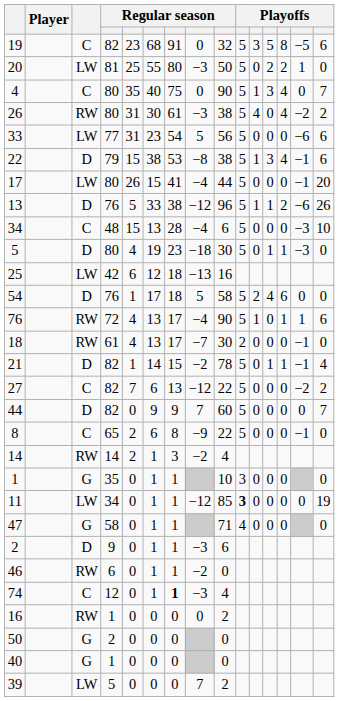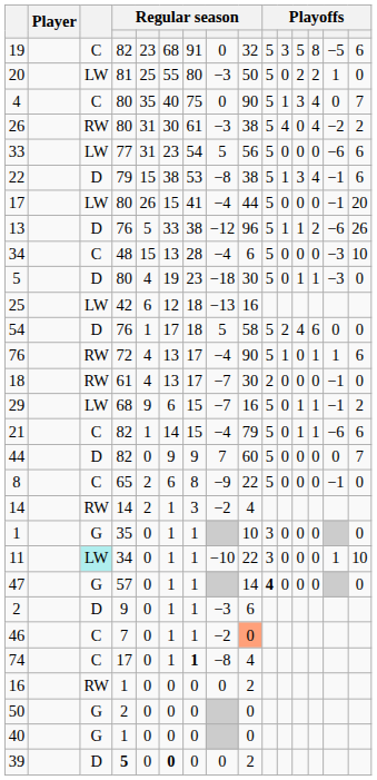 <table class="wikitable sortable plainrowheaders" style="text-align:center;">
 <tr>
 <th scope="col" data-sort-type="number" rowspan="2"></th>
 <th scope="col" rowspan="2">Player</th>
 <th scope="col" rowspan="2"></th>
 <th scope=colgroup colspan=6>Regular season</th>
 <th scope=colgroup colspan=6>Playoffs</th>
 </tr>
 <tr>
 <th scope="col" data-sort-type="number"></th>
 <th scope="col" data-sort-type="number"></th>
 <th scope="col" data-sort-type="number"></th>
 <th scope="col" data-sort-type="number"></th>
 <th scope="col" data-sort-type="number"></th>
 <th scope="col" data-sort-type="number"></th>
 <th scope="col" data-sort-type="number"></th>
 <th scope="col" data-sort-type="number"></th>
 <th scope="col" data-sort-type="number"></th>
 <th scope="col" data-sort-type="number"></th>
 <th scope="col" data-sort-type="number"></th>
 <th scope="col" data-sort-type="number"></th>
 </tr>
 <tr>
 <td scope="row">19</td>
 <td align="left"></td>
 <td>C</td>
 <td>82</td>
 <td>23</td>
 <td>68</td>
 <td>91</td>
 <td>0</td>
 <td>32</td>
 <td>5</td>
 <td>3</td>
 <td>5</td>
 <td>8</td>
 <td>−5</td>
 <td>6</td>
 </tr>
 <tr>
 <td scope="row">20</td>
 <td align="left"></td>
 <td>LW</td>
 <td>81</td>
 <td>25</td>
 <td>55</td>
 <td>80</td>
 <td>−3</td>
 <td>50</td>
 <td>5</td>
 <td>0</td>
 <td>2</td>
 <td>2</td>
 <td>1</td>
 <td>0</td>
 </tr>
 <tr>
 <td scope="row">4</td>
 <td align="left"></td>
 <td>C</td>
 <td>80</td>
 <td>35</td>
 <td>40</td>
 <td>75</td>
 <td>0</td>
 <td>90</td>
 <td>5</td>
 <td>1</td>
 <td>3</td>
 <td>4</td>
 <td>0</td>
 <td>7</td>
 </tr>
 <tr>
 <td scope="row">26</td>
 <td align="left"></td>
 <td>RW</td>
 <td>80</td>
 <td>31</td>
 <td>30</td>
 <td>61</td>
 <td>−3</td>
 <td>38</td>
 <td>5</td>
 <td>4</td>
 <td>0</td>
 <td>4</td>
 <td>−2</td>
 <td>2</td>
 </tr>
 <tr>
 <td scope="row">33</td>
 <td align="left"></td>
 <td>LW</td>
 <td>77</td>
 <td>31</td>
 <td>23</td>
 <td>54</td>
 <td>5</td>
 <td>56</td>
 <td>5</td>
 <td>0</td>
 <td>0</td>
 <td>0</td>
 <td>−6</td>
 <td>6</td>
 </tr>
 <tr>
 <td scope="row">22</td>
 <td align="left"></td>
 <td>D</td>
 <td>79</td>
 <td>15</td>
 <td>38</td>
 <td>53</td>
 <td>−8</td>
 <td>38</td>
 <td>5</td>
 <td>1</td>
 <td>3</td>
 <td>4</td>
 <td>−1</td>
 <td>6</td>
 </tr>
 <tr>
 <td scope="row">17</td>
 <td align="left"></td>
 <td>LW</td>
 <td>80</td>
 <td>26</td>
 <td>15</td>
 <td>41</td>
 <td>−4</td>
 <td>44</td>
 <td>5</td>
 <td>0</td>
 <td>0</td>
 <td>0</td>
 <td>−1</td>
 <td>20</td>
 </tr>
 <tr>
 <td scope="row">13</td>
 <td align="left"></td>
 <td>D</td>
 <td>76</td>
 <td>5</td>
 <td>33</td>
 <td>38</td>
 <td>−12</td>
 <td>96</td>
 <td>5</td>
 <td>1</td>
 <td>1</td>
 <td>2</td>
 <td>−6</td>
 <td>26</td>
 </tr>
 <tr>
 <td scope="row">34</td>
 <td align="left"></td>
 <td>C</td>
 <td>48</td>
 <td>15</td>
 <td>13</td>
 <td>28</td>
 <td>−4</td>
 <td>6</td>
 <td>5</td>
 <td>0</td>
 <td>0</td>
 <td>0</td>
 <td>−3</td>
 <td>10</td>
 </tr>
 <tr>
 <td scope="row">5</td>
 <td align="left"></td>
 <td>D</td>
 <td>80</td>
 <td>4</td>
 <td>19</td>
 <td>23</td>
 <td>−18</td>
 <td>30</td>
 <td>5</td>
 <td>0</td>
 <td>1</td>
 <td>1</td>
 <td>−3</td>
 <td>0</td>
 </tr>
 <tr>
 <td scope="row">25</td>
 <td align="left"></td>
 <td>LW</td>
 <td>42</td>
 <td>6</td>
 <td>12</td>
 <td>18</td>
 <td>−13</td>
 <td>16</td>
 <td></td>
 <td></td>
 <td></td>
 <td></td>
 <td></td>
 <td></td>
 </tr>
 <tr>
 <td scope="row">54</td>
 <td align="left"></td>
 <td>D</td>
 <td>76</td>
 <td>1</td>
 <td>17</td>
 <td>18</td>
 <td>5</td>
 <td>58</td>
 <td>5</td>
 <td>2</td>
 <td>4</td>
 <td>6</td>
 <td>0</td>
 <td>0</td>
 </tr>
 <tr>
 <td scope="row">76</td>
 <td align="left"></td>
 <td>RW</td>
 <td>72</td>
 <td>4</td>
 <td>13</td>
 <td>17</td>
 <td>−4</td>
 <td>90</td>
 <td>5</td>
 <td>1</td>
 <td>0</td>
 <td>1</td>
 <td>1</td>
 <td>6</td>
 </tr>
 <tr>
 <td scope="row">18</td>
 <td align="left"></td>
 <td>RW</td>
 <td>61</td>
 <td>4</td>
 <td>13</td>
 <td>17</td>
 <td>−7</td>
 <td>30</td>
 <td>2</td>
 <td>0</td>
 <td>0</td>
 <td>0</td>
 <td>−1</td>
 <td>0</td>
 </tr>
 <tr>
-<td scope="row">21</td>
+<td scope="row">29</td>
 <td align="left"></td>
-<td>D</td>
-<td>82</td>
-<td>1</td>
-<td>14</td>
+<td>LW</td>
+<td>68</td>
+<td>9</td>
+<td>6</td>
 <td>15</td>
-<td>−2</td>
-<td>78</td>
+<td>−7</td>
+<td>16</td>
 <td>5</td>
 <td>0</td>
 <td>1</td>
 <td>1</td>
 <td>−1</td>
-<td>4</td>
+<td>2</td>
 </tr>
 <tr>
-<td scope="row">27</td>
+<td scope="row">21</td>
 <td align="left"></td>
 <td>C</td>
 <td>82</td>
-<td>7</td>
-<td>6</td>
-<td>13</td>
-<td>−12</td>
-<td>22</td>
+<td>1</td>
+<td>14</td>
+<td>15</td>
+<td>−4</td>
+<td>79</td>
 <td>5</td>
 <td>0</td>
-<td>0</td>
-<td>0</td>
-<td>−2</td>
-<td>2</td>
+<td>1</td>
+<td>1</td>
+<td>−6</td>
+<td>6</td>
 </tr>
 <tr>
 <td scope="row">44</td>
 <td align="left"></td>
 <td>D</td>
 <td>82</td>
 <td>0</td>
 <td>9</td>
 <td>9</td>
 <td>7</td>
 <td>60</td>
 <td>5</td>
 <td>0</td>
 <td>0</td>
 <td>0</td>
 <td>0</td>
 <td>7</td>
 </tr>
 <tr>
 <td scope="row">8</td>
 <td align="left"></td>
 <td>C</td>
 <td>65</td>
 <td>2</td>
 <td>6</td>
 <td>8</td>
 <td>−9</td>
 <td>22</td>
 <td>5</td>
 <td>0</td>
 <td>0</td>
 <td>0</td>
 <td>−1</td>
 <td>0</td>
 </tr>
 <tr>
 <td scope="row">14</td>
 <td align="left"></td>
 <td>RW</td>
 <td>14</td>
 <td>2</td>
 <td>1</td>
 <td>3</td>
 <td>−2</td>
 <td>4</td>
 <td></td>
 <td></td>
 <td></td>
 <td></td>
 <td></td>
 <td></td>
 </tr>
 <tr>
 <td scope="row">1</td>
 <td align="left"></td>
 <td>G</td>
 <td>35</td>
 <td>0</td>
 <td>1</td>
 <td>1</td>
 <td style="background:#ccc"></td>
 <td>10</td>
 <td>3</td>
 <td>0</td>
 <td>0</td>
 <td>0</td>
 <td style="background:#ccc"></td>
 <td>0</td>
 </tr>
 <tr>
 <td scope="row">11</td>
 <td align="left"></td>
-<td>LW</td>
+<td style="background: paleturquoise;">LW</td>
 <td>34</td>
 <td>0</td>
 <td>1</td>
 <td>1</td>
-<td>−12</td>
-<td>85</td>
-<td><strong>3</strong></td>
+<td>−10</td>
+<td>22</td>
+<td>3</td>
 <td>0</td>
 <td>0</td>
 <td>0</td>
-<td>0</td>
-<td>19</td>
+<td>1</td>
+<td>10</td>
 </tr>
 <tr>
 <td scope="row">47</td>
 <td align="left"></td>
 <td>G</td>
-<td>58</td>
+<td>57</td>
 <td>0</td>
 <td>1</td>
 <td>1</td>
 <td style="background:#ccc"></td>
-<td>71</td>
-<td>4</td>
+<td>14</td>
+<td><strong>4</strong></td>
 <td>0</td>
 <td>0</td>
 <td>0</td>
 <td style="background:#ccc"></td>
 <td>0</td>
 </tr>
 <tr>
 <td scope="row">2</td>
 <td align="left"></td>
 <td>D</td>
 <td>9</td>
 <td>0</td>
 <td>1</td>
 <td>1</td>
 <td>−3</td>
 <td>6</td>
 <td></td>
 <td></td>
 <td></td>
 <td></td>
 <td></td>
 <td></td>
 </tr>
 <tr>
 <td scope="row">46</td>
 <td align="left"></td>
-<td>RW</td>
-<td>6</td>
+<td>C</td>
+<td>7</td>
 <td>0</td>
 <td>1</td>
 <td>1</td>
 <td>−2</td>
-<td>0</td>
+<td style="background: lightsalmon;">0</td>
 <td></td>
 <td></td>
 <td></td>
 <td></td>
 <td></td>
 <td></td>
 </tr>
 <tr>
 <td scope="row">74</td>
 <td align="left"></td>
 <td>C</td>
-<td>12</td>
+<td>17</td>
 <td>0</td>
 <td>1</td>
 <td><strong>1</strong></td>
-<td>−3</td>
+<td>−8</td>
 <td>4</td>
 <td></td>
 <td></td>
 <td></td>
 <td></td>
 <td></td>
 <td></td>
 </tr>
 <tr>
 <td scope="row">16</td>
 <td align="left"></td>
 <td>RW</td>
 <td>1</td>
 <td>0</td>
 <td>0</td>
 <td>0</td>
 <td>0</td>
 <td>2</td>
 <td></td>
 <td></td>
 <td></td>
 <td></td>
 <td></td>
 <td></td>
 </tr>
 <tr>
 <td scope="row">50</td>
 <td align="left"></td>
 <td>G</td>
 <td>2</td>
 <td>0</td>
 <td>0</td>
 <td>0</td>
 <td style="background:#ccc"></td>
 <td>0</td>
 <td></td>
 <td></td>
 <td></td>
 <td></td>
 <td></td>
 <td></td>
 </tr>
 <tr>
 <td scope="row">40</td>
 <td align="left"></td>
 <td>G</td>
 <td>1</td>
 <td>0</td>
 <td>0</td>
 <td>0</td>
 <td style="background:#ccc"></td>
 <td>0</td>
 <td></td>
 <td></td>
 <td></td>
 <td></td>
 <td></td>
 <td></td>
 </tr>
 <tr>
 <td scope="row">39</td>
 <td align="left"></td>
-<td>LW</td>
-<td>5</td>
+<td>D</td>
+<td><strong>5</strong></td>
+<td>0</td>
+<td><strong>0</strong></td>
 <td>0</td>
 <td>0</td>
-<td>0</td>
-<td>7</td>
 <td>2</td>
 <td></td>
 <td></td>
 <td></td>
 <td></td>
 <td></td>
 <td></td>
 </tr>
 </table>
